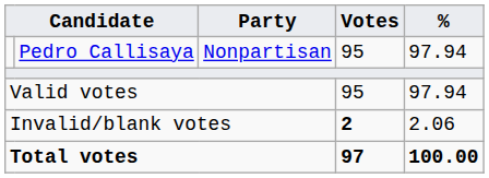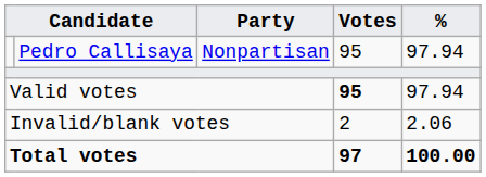 <table class="wikitable sortable">
 <tr>
 <th style="background-color:#EAECF0;" colspan=2>Candidate</th>
 <th style="background-color:#EAECF0;">Party</th>
 <th style="background-color:#EAECF0;">Votes</th>
 <th style="background-color:#EAECF0;">%</th>
 </tr>
 <tr>
 <td style="background-color:"></td>
 <td><a href='#'>Pedro Callisaya</a></td>
 <td><a href='#'>Nonpartisan</a></td>
 <td>95</td>
 <td>97.94</td>
 </tr>
 <tr class="sortbottom">
 <th style="background-color:#EAECF0;" colspan=5></th>
 </tr>
 <tr class="sortbottom">
 <td colspan=3>Valid votes</td>
-<td>95</td>
+<td><strong>95</strong></td>
 <td>97.94</td>
 </tr>
 <tr class="sortbottom">
 <td colspan=3>Invalid/blank votes</td>
-<td><strong>2</strong></td>
+<td>2</td>
 <td>2.06</td>
 </tr>
 <tr class="sortbottom">
 <td colspan=3><strong>Total votes</strong></td>
 <td><strong>97</strong></td>
 <td><strong>100.00</strong></td>
 </tr>
 </table>
